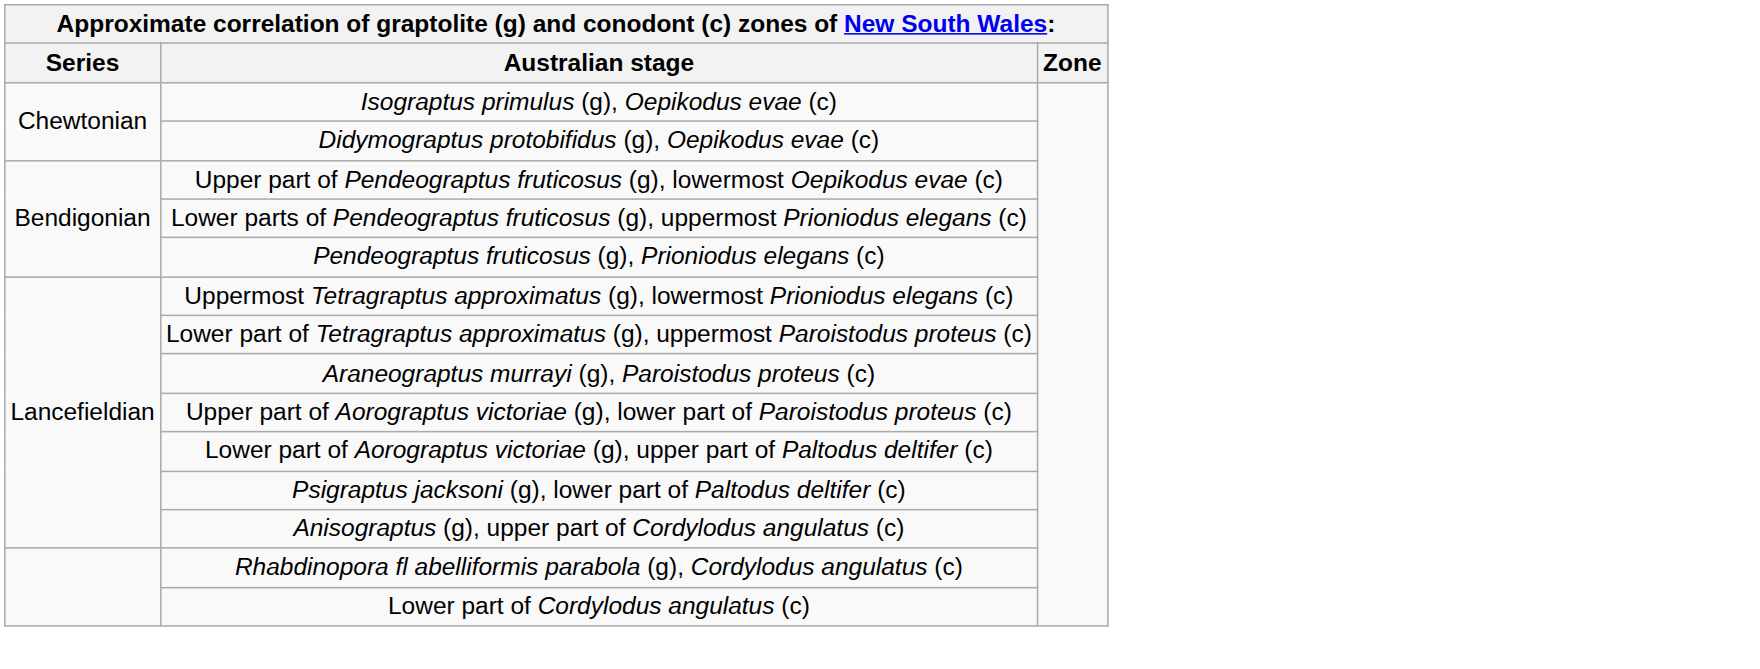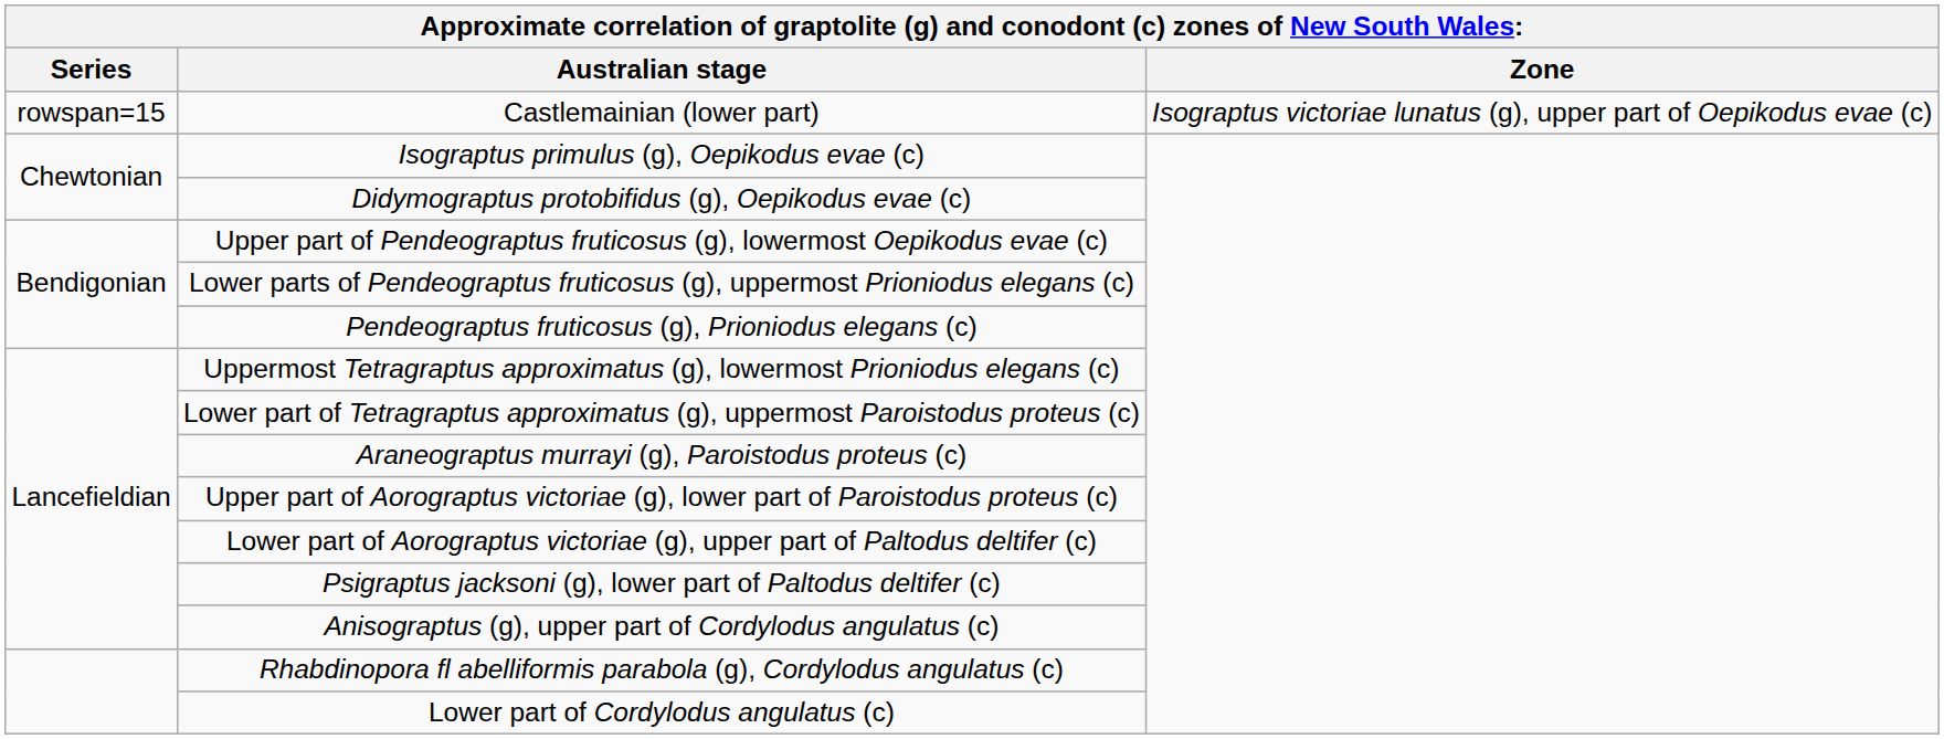 <table class="wikitable" style="text-align:center;">
 <tr>
 <th colspan="3">Approximate correlation of graptolite (g) and conodont (c) zones of <a href='#'>New South Wales</a>:</th>
 </tr>
 <tr>
 <th>Series</th>
 <th>Australian stage</th>
 <th>Zone</th>
+</tr>
+<tr>
+<td>rowspan=15 </td>
+<td rowspan=1>Castlemainian (lower part)</td>
+<td><em>Isograptus victoriae lunatus</em> (g), upper part of <em>Oepikodus evae</em> (c)</td>
 </tr>
 <tr>
 <td rowspan=2>Chewtonian</td>
 <td><em>Isograptus primulus</em> (g), <em>Oepikodus evae</em> (c)</td>
 </tr>
 <tr>
 <td><em>Didymograptus protobifidus</em> (g), <em>Oepikodus evae</em> (c)</td>
 </tr>
 <tr>
 <td rowspan=3>Bendigonian</td>
 <td>Upper part of <em>Pendeograptus fruticosus</em> (g), lowermost <em>Oepikodus evae</em> (c)</td>
 </tr>
 <tr>
 <td>Lower parts of <em>Pendeograptus fruticosus</em> (g), uppermost <em>Prioniodus elegans</em> (c)</td>
 </tr>
 <tr>
 <td><em>Pendeograptus fruticosus</em> (g), <em>Prioniodus elegans</em> (c)</td>
 </tr>
 <tr>
 <td rowspan=7>Lancefieldian</td>
 <td>Uppermost <em>Tetragraptus approximatus</em> (g), lowermost <em>Prioniodus elegans</em> (c)</td>
 </tr>
 <tr>
 <td>Lower part of <em>Tetragraptus approximatus</em> (g), uppermost <em>Paroistodus proteus</em> (c)</td>
 </tr>
 <tr>
 <td><em>Araneograptus murrayi</em> (g), <em>Paroistodus proteus</em> (c)</td>
 </tr>
 <tr>
 <td>Upper part of <em>Aorograptus victoriae</em> (g), lower part of <em>Paroistodus proteus</em> (c)</td>
 </tr>
 <tr>
 <td>Lower part of <em>Aorograptus victoriae</em> (g), upper part of <em>Paltodus deltifer</em> (c)</td>
 </tr>
 <tr>
 <td><em>Psigraptus jacksoni</em> (g), lower part of <em>Paltodus deltifer</em> (c)</td>
 </tr>
 <tr>
 <td><em>Anisograptus</em> (g), upper part of <em>Cordylodus angulatus</em> (c)</td>
 </tr>
 <tr>
 <td rowspan=2></td>
 <td><em>Rhabdinopora fl abelliformis parabola</em> (g), <em>Cordylodus angulatus</em> (c)</td>
 </tr>
 <tr>
 <td>Lower part of <em>Cordylodus angulatus</em> (c)</td>
 </tr>
 </table>
